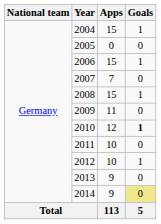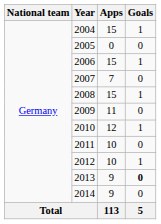 <table class="wikitable" style="text-align:center">
 <tr>
 <th>National team</th>
 <th>Year</th>
 <th>Apps</th>
 <th>Goals</th>
 </tr>
 <tr>
 <td rowspan="11"><a href='#'>Germany</a></td>
 <td>2004</td>
 <td>15</td>
 <td>1</td>
 </tr>
 <tr>
 <td>2005</td>
 <td>0</td>
 <td>0</td>
 </tr>
 <tr>
 <td>2006</td>
 <td>15</td>
 <td>1</td>
 </tr>
 <tr>
 <td>2007</td>
 <td>7</td>
 <td>0</td>
 </tr>
 <tr>
 <td>2008</td>
 <td>15</td>
 <td>1</td>
 </tr>
 <tr>
 <td>2009</td>
 <td>11</td>
 <td>0</td>
 </tr>
 <tr>
 <td>2010</td>
 <td>12</td>
-<td><strong>1</strong></td>
+<td>1</td>
 </tr>
 <tr>
 <td>2011</td>
 <td>10</td>
 <td>0</td>
 </tr>
 <tr>
 <td>2012</td>
 <td>10</td>
 <td>1</td>
 </tr>
 <tr>
 <td>2013</td>
 <td>9</td>
-<td>0</td>
+<td><strong>0</strong></td>
 </tr>
 <tr>
 <td>2014</td>
 <td>9</td>
-<td style="background: khaki;">0</td>
+<td>0</td>
 </tr>
 <tr>
 <th colspan="2">Total</th>
 <th>113</th>
 <th>5</th>
 </tr>
 </table>
